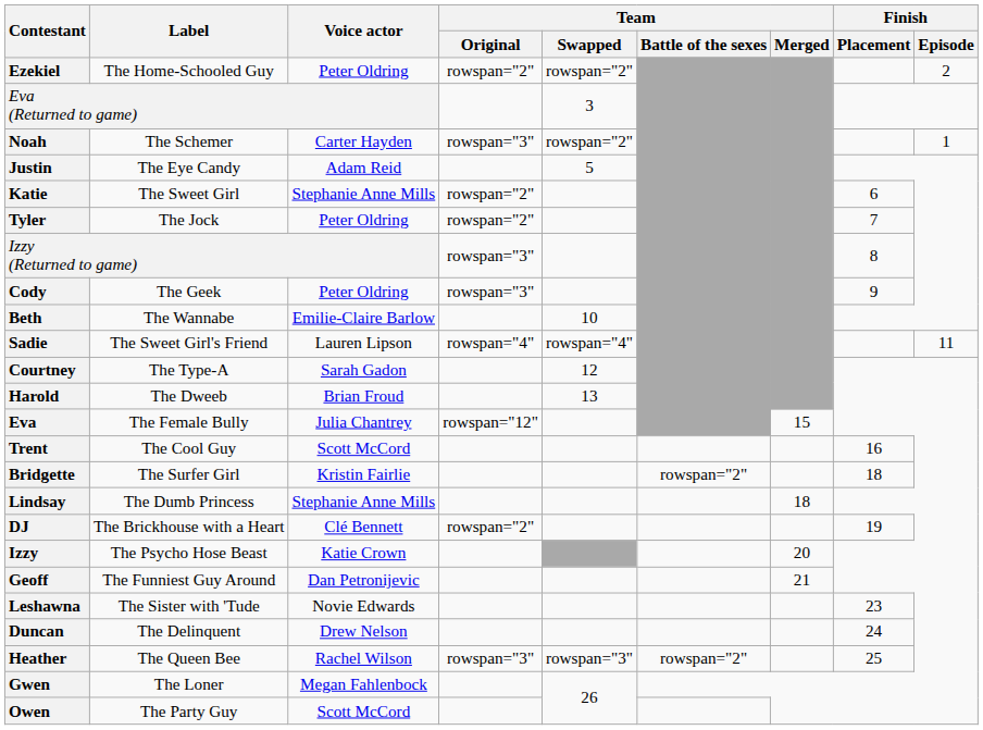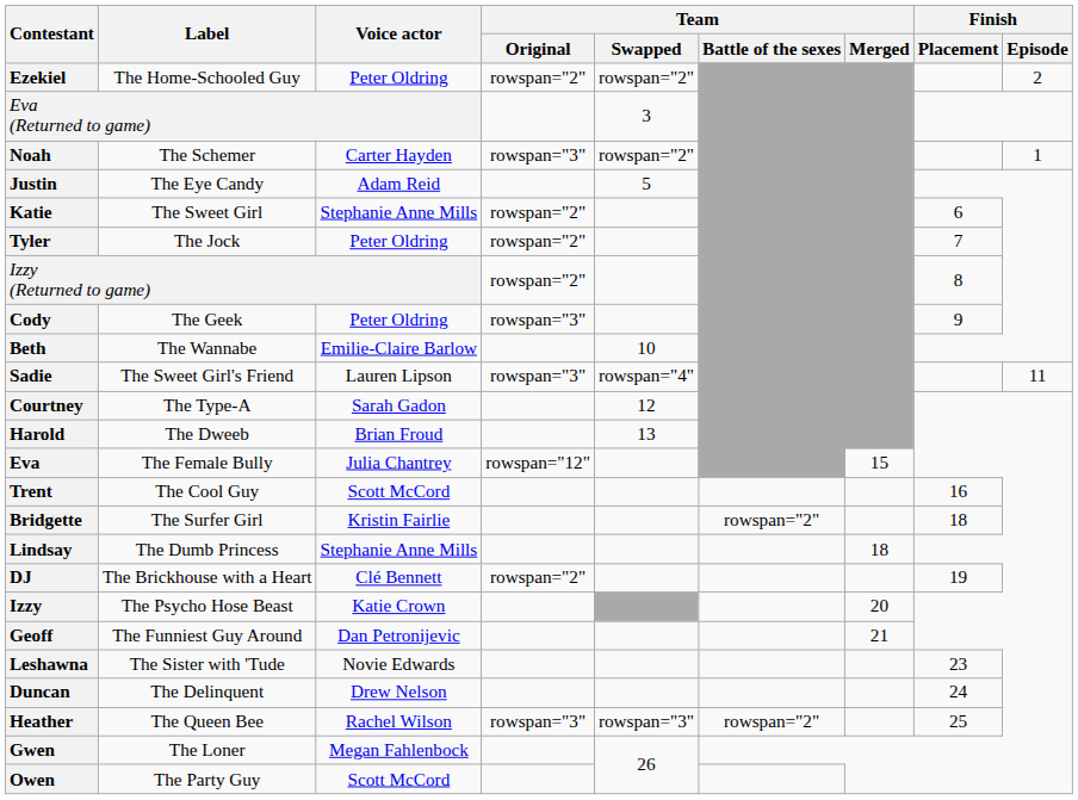 <table class="wikitable sortable" style="text-align:center;">
 <tr>
 <th rowspan="2" scope="col">Contestant</th>
 <th rowspan="2" scope="col" class="unsortable">Label</th>
 <th rowspan="2" scope="col" class="unsortable">Voice actor</th>
 <th colspan="4" scope="colgroup">Team</th>
 <th colspan="2" scope="colgroup">Finish</th>
 </tr>
 <tr>
 <th scope="col">Original</th>
 <th scope="col">Swapped</th>
 <th scope="col">Battle of the sexes</th>
 <th scope="col" class="unsortable">Merged</th>
 <th scope="col" class="unsortable">Placement</th>
 <th scope="col" class="unsortable">Episode</th>
 </tr>
 <tr>
 <th scope="row" style="text-align:left;">Ezekiel</th>
 <td>The Home-Schooled Guy</td>
 <td><a href='#'>Peter Oldring</a></td>
 <td>rowspan="2" </td>
 <td>rowspan="2" </td>
 <td rowspan="13" style="background:darkgray;"></td>
 <td rowspan="12" style="background:darkgray;"></td>
 <td></td>
 <td>2</td>
 </tr>
 <tr>
 <th colspan="3" scope="row" style="text-align:left; font-weight:normal"><em>Eva<br>(Returned to game)</em></th>
 <td></td>
 <td>3</td>
 </tr>
 <tr>
 <th scope="row" style="text-align:left;">Noah</th>
 <td>The Schemer</td>
 <td><a href='#'>Carter Hayden</a></td>
 <td>rowspan="3" </td>
 <td>rowspan="2" </td>
 <td></td>
 <td>1</td>
 </tr>
 <tr>
 <th scope="row" style="text-align:left;">Justin</th>
 <td>The Eye Candy</td>
 <td><a href='#'>Adam Reid</a></td>
 <td></td>
 <td>5</td>
 </tr>
 <tr>
 <th scope="row" style="text-align:left;">Katie</th>
 <td>The Sweet Girl</td>
 <td><a href='#'>Stephanie Anne Mills</a></td>
 <td>rowspan="2" </td>
 <td></td>
 <td>6</td>
 </tr>
 <tr>
 <th scope="row" style="text-align:left;">Tyler</th>
 <td>The Jock</td>
 <td><a href='#'>Peter Oldring</a></td>
 <td>rowspan="2" </td>
 <td></td>
 <td>7</td>
 </tr>
 <tr>
 <th colspan="3" scope="row" style="text-align:left; font-weight:normal"><em>Izzy<br>(Returned to game)</em></th>
-<td>rowspan="3" </td>
+<td>rowspan="2" </td>
 <td></td>
 <td>8</td>
 </tr>
 <tr>
 <th scope="row" style="text-align:left;">Cody</th>
 <td>The Geek</td>
 <td><a href='#'>Peter Oldring</a></td>
 <td>rowspan="3" </td>
 <td></td>
 <td>9</td>
 </tr>
 <tr>
 <th scope="row" style="text-align:left;">Beth</th>
 <td>The Wannabe</td>
 <td><a href='#'>Emilie-Claire Barlow</a></td>
 <td></td>
 <td>10</td>
 </tr>
 <tr>
 <th scope="row" style="text-align:left;">Sadie</th>
 <td>The Sweet Girl's Friend</td>
 <td>Lauren Lipson</td>
-<td>rowspan="4" </td>
+<td>rowspan="3" </td>
 <td>rowspan="4" </td>
 <td></td>
 <td>11</td>
 </tr>
 <tr>
 <th scope="row" style="text-align:left;">Courtney</th>
 <td>The Type-A</td>
 <td><a href='#'>Sarah Gadon</a></td>
 <td></td>
 <td>12</td>
 </tr>
 <tr>
 <th scope="row" style="text-align:left;">Harold</th>
 <td>The Dweeb</td>
 <td><a href='#'>Brian Froud</a></td>
 <td></td>
 <td>13</td>
 </tr>
 <tr>
 <th scope="row" style="text-align:left;">Eva</th>
 <td>The Female Bully</td>
 <td><a href='#'>Julia Chantrey</a></td>
 <td>rowspan="12" </td>
 <td></td>
 <td>15</td>
 </tr>
 <tr>
 <th scope="row" style="text-align:left;">Trent</th>
 <td>The Cool Guy</td>
 <td><a href='#'>Scott McCord</a></td>
 <td></td>
 <td></td>
 <td></td>
 <td></td>
 <td>16</td>
 </tr>
 <tr>
 <th scope="row" style="text-align:left;">Bridgette</th>
 <td>The Surfer Girl</td>
 <td><a href='#'>Kristin Fairlie</a></td>
 <td></td>
 <td></td>
 <td>rowspan="2" </td>
 <td></td>
 <td>18</td>
 </tr>
 <tr>
 <th scope="row" style="text-align:left;">Lindsay</th>
 <td>The Dumb Princess</td>
 <td><a href='#'>Stephanie Anne Mills</a></td>
 <td></td>
 <td></td>
 <td></td>
 <td>18</td>
 </tr>
 <tr>
 <th scope="row" style="text-align:left;">DJ</th>
 <td>The Brickhouse with a Heart</td>
 <td><a href='#'>Clé Bennett</a></td>
 <td>rowspan="2" </td>
 <td></td>
 <td></td>
 <td></td>
 <td>19</td>
 </tr>
 <tr>
 <th scope="row" style="text-align:left;">Izzy</th>
 <td>The Psycho Hose Beast</td>
 <td><a href='#'>Katie Crown</a></td>
 <td></td>
 <td style="background:darkgray;"></td>
 <td></td>
 <td>20</td>
 </tr>
 <tr>
 <th scope="row" style="text-align:left;">Geoff</th>
 <td>The Funniest Guy Around</td>
 <td><a href='#'>Dan Petronijevic</a></td>
 <td></td>
 <td></td>
 <td></td>
 <td>21</td>
 </tr>
 <tr>
 <th scope="row" style="text-align:left;">Leshawna</th>
 <td>The Sister with 'Tude</td>
 <td>Novie Edwards</td>
 <td></td>
 <td></td>
 <td></td>
 <td></td>
 <td>23</td>
 </tr>
 <tr>
 <th scope="row" style="text-align:left;">Duncan</th>
 <td>The Delinquent</td>
 <td><a href='#'>Drew Nelson</a></td>
 <td></td>
 <td></td>
 <td></td>
 <td></td>
 <td>24</td>
 </tr>
 <tr>
 <th scope="row" style="text-align:left;">Heather</th>
 <td>The Queen Bee</td>
 <td><a href='#'>Rachel Wilson</a></td>
 <td>rowspan="3" </td>
 <td>rowspan="3" </td>
 <td>rowspan="2" </td>
 <td></td>
 <td>25</td>
 </tr>
 <tr>
 <th scope="row" style="text-align:left;">Gwen</th>
 <td>The Loner</td>
 <td><a href='#'>Megan Fahlenbock</a></td>
 <td></td>
 <td rowspan="2">26</td>
 </tr>
 <tr>
 <th scope="row" style="text-align:left;">Owen</th>
 <td>The Party Guy</td>
 <td><a href='#'>Scott McCord</a></td>
 <td></td>
 <td></td>
 </tr>
 </table>
